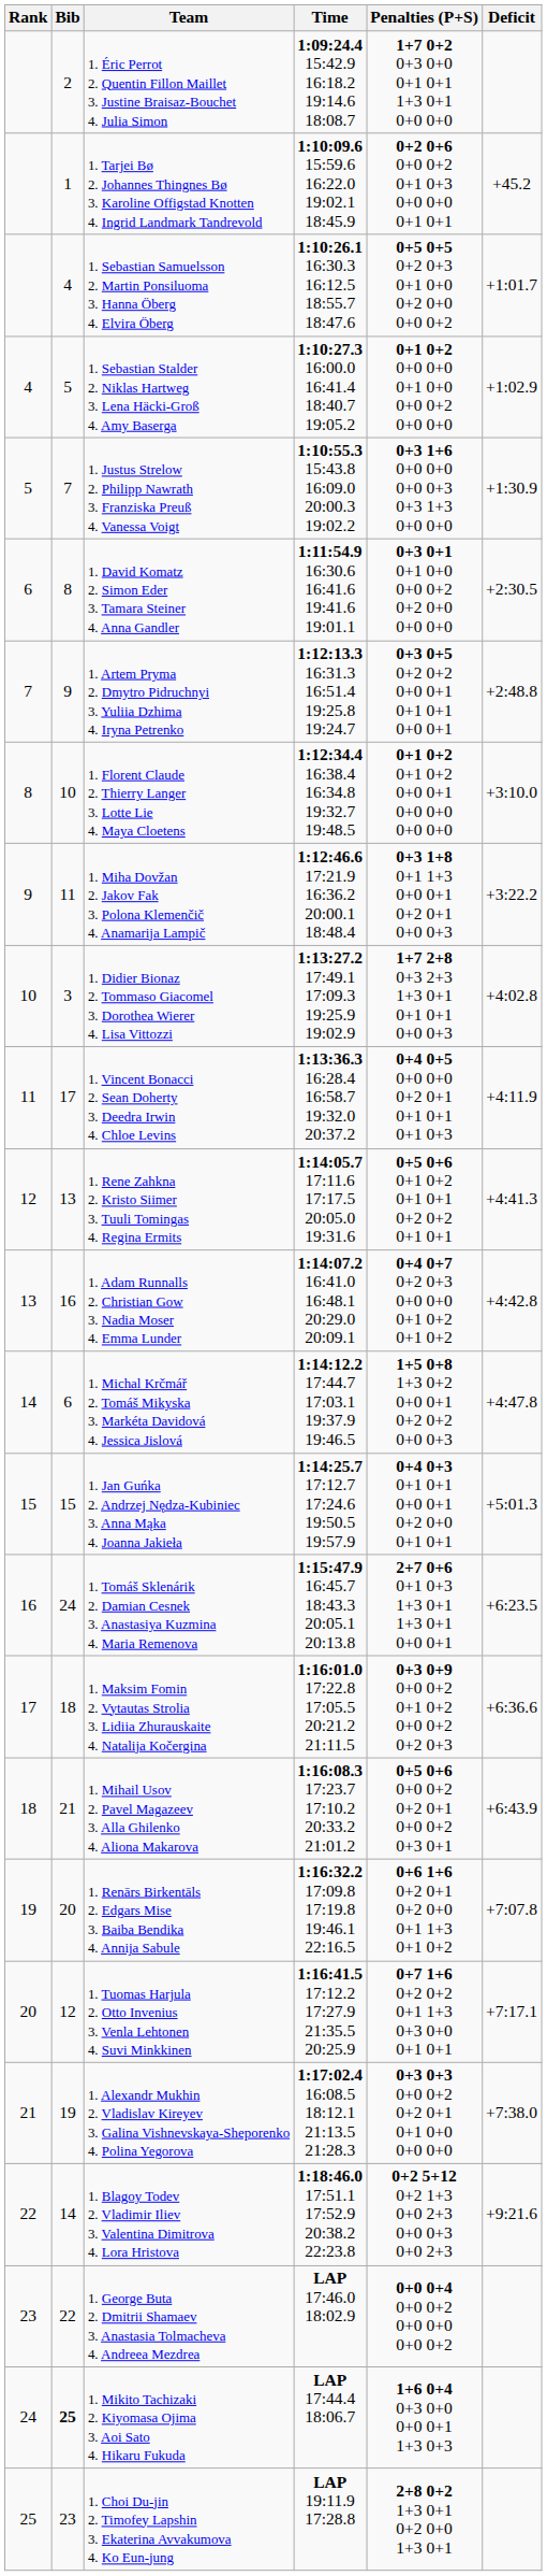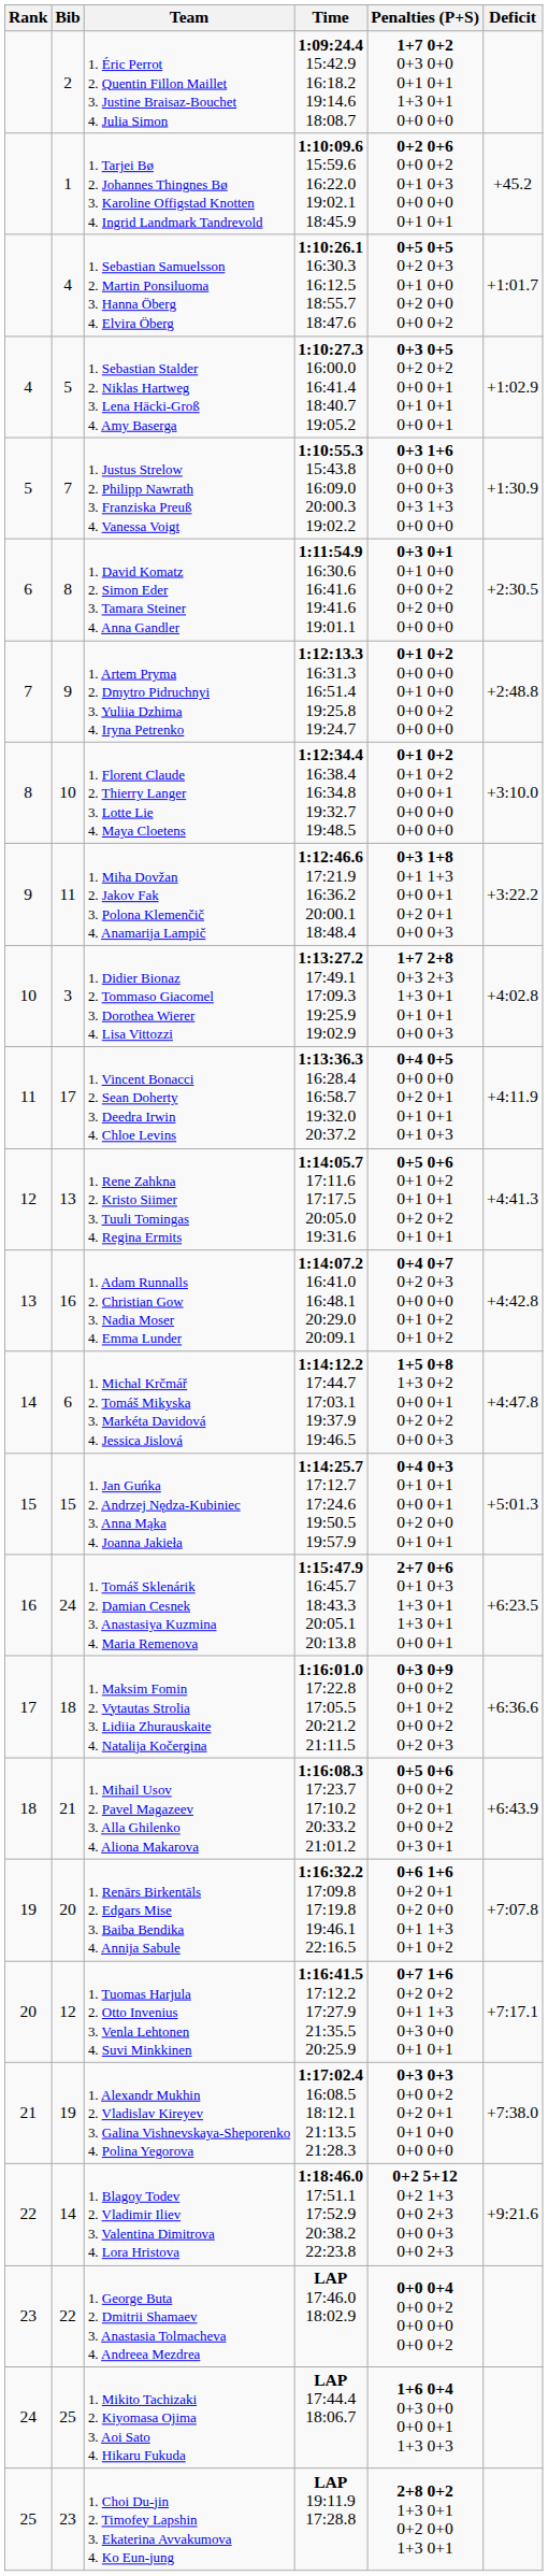 <table class="wikitable sortable" style="text-align:center">
 <tr>
 <th>Rank</th>
 <th>Bib</th>
 <th>Team</th>
 <th>Time</th>
 <th>Penalties (P+S)</th>
 <th>Deficit</th>
 </tr>
 <tr>
 <td></td>
 <td>2</td>
 <td align=left><br><small>1. <a href='#'>Éric Perrot</a><br>2. <a href='#'>Quentin Fillon Maillet</a><br>3. <a href='#'>Justine Braisaz-Bouchet</a><br>4. <a href='#'>Julia Simon</a></small></td>
 <td><strong>1:09:24.4</strong><br>15:42.9<br>16:18.2<br>19:14.6<br>18:08.7</td>
 <td><strong>1+7 0+2</strong><br>0+3 0+0<br>0+1 0+1<br>1+3 0+1<br>0+0 0+0</td>
 <td></td>
 </tr>
 <tr>
 <td></td>
 <td>1</td>
 <td align=left><br><small>1. <a href='#'>Tarjei Bø</a><br>2. <a href='#'>Johannes Thingnes Bø</a><br>3. <a href='#'>Karoline Offigstad Knotten</a><br>4. <a href='#'>Ingrid Landmark Tandrevold</a></small></td>
 <td><strong>1:10:09.6</strong><br>15:59.6<br>16:22.0<br>19:02.1<br>18:45.9</td>
 <td><strong>0+2 0+6</strong><br>0+0 0+2<br>0+1 0+3<br>0+0 0+0<br>0+1 0+1</td>
 <td>+45.2</td>
 </tr>
 <tr>
 <td></td>
 <td>4</td>
 <td align=left><br><small>1. <a href='#'>Sebastian Samuelsson</a><br>2. <a href='#'>Martin Ponsiluoma</a><br>3. <a href='#'>Hanna Öberg</a><br>4. <a href='#'>Elvira Öberg</a></small></td>
 <td><strong>1:10:26.1</strong><br>16:30.3<br>16:12.5<br>18:55.7<br>18:47.6</td>
 <td><strong>0+5 0+5</strong><br>0+2 0+3<br>0+1 0+0<br>0+2 0+0<br>0+0 0+2</td>
 <td>+1:01.7</td>
 </tr>
 <tr>
 <td>4</td>
 <td>5</td>
 <td align=left><br><small>1. <a href='#'>Sebastian Stalder</a><br>2. <a href='#'>Niklas Hartweg</a><br>3. <a href='#'>Lena Häcki-Groß</a><br>4. <a href='#'>Amy Baserga</a></small></td>
 <td><strong>1:10:27.3</strong><br>16:00.0<br>16:41.4<br>18:40.7<br>19:05.2</td>
-<td><strong>0+1 0+2</strong><br>0+0 0+0<br>0+1 0+0<br>0+0 0+2<br>0+0 0+0</td>
+<td><strong>0+3 0+5</strong><br>0+2 0+2<br>0+0 0+1<br>0+1 0+1<br>0+0 0+1</td>
 <td>+1:02.9</td>
 </tr>
 <tr>
 <td>5</td>
 <td>7</td>
 <td align=left><br><small>1. <a href='#'>Justus Strelow</a><br>2. <a href='#'>Philipp Nawrath</a><br>3. <a href='#'>Franziska Preuß</a><br>4. <a href='#'>Vanessa Voigt</a></small></td>
 <td><strong>1:10:55.3</strong><br>15:43.8<br>16:09.0<br>20:00.3<br>19:02.2</td>
 <td><strong>0+3 1+6</strong><br>0+0 0+0<br>0+0 0+3<br>0+3 1+3<br>0+0 0+0</td>
 <td>+1:30.9</td>
 </tr>
 <tr>
 <td>6</td>
 <td>8</td>
 <td align=left><br><small>1. <a href='#'>David Komatz</a><br>2. <a href='#'>Simon Eder</a><br>3. <a href='#'>Tamara Steiner</a><br>4. <a href='#'>Anna Gandler</a></small></td>
 <td><strong>1:11:54.9</strong><br>16:30.6<br>16:41.6<br>19:41.6<br>19:01.1</td>
 <td><strong>0+3 0+1</strong><br>0+1 0+0<br>0+0 0+2<br>0+2 0+0<br>0+0 0+0</td>
 <td>+2:30.5</td>
 </tr>
 <tr>
 <td>7</td>
 <td>9</td>
 <td align=left><br><small>1. <a href='#'>Artem Pryma</a><br>2. <a href='#'>Dmytro Pidruchnyi</a><br>3. <a href='#'>Yuliia Dzhima</a><br>4. <a href='#'>Iryna Petrenko</a></small></td>
 <td><strong>1:12:13.3</strong><br>16:31.3<br>16:51.4<br>19:25.8<br>19:24.7</td>
-<td><strong>0+3 0+5</strong><br>0+2 0+2<br>0+0 0+1<br>0+1 0+1<br>0+0 0+1</td>
+<td><strong>0+1 0+2</strong><br>0+0 0+0<br>0+1 0+0<br>0+0 0+2<br>0+0 0+0</td>
 <td>+2:48.8</td>
 </tr>
 <tr>
 <td>8</td>
 <td>10</td>
 <td align=left><br><small>1. <a href='#'>Florent Claude</a><br>2. <a href='#'>Thierry Langer</a><br>3. <a href='#'>Lotte Lie</a><br>4. <a href='#'>Maya Cloetens</a></small></td>
 <td><strong>1:12:34.4</strong><br>16:38.4<br>16:34.8<br>19:32.7<br>19:48.5</td>
 <td><strong>0+1 0+2</strong><br>0+1 0+2<br>0+0 0+1<br>0+0 0+0<br>0+0 0+0</td>
 <td>+3:10.0</td>
 </tr>
 <tr>
 <td>9</td>
 <td>11</td>
 <td align=left><br><small>1. <a href='#'>Miha Dovžan</a><br>2. <a href='#'>Jakov Fak</a><br>3. <a href='#'>Polona Klemenčič</a><br>4. <a href='#'>Anamarija Lampič</a></small></td>
 <td><strong>1:12:46.6</strong><br>17:21.9<br>16:36.2<br>20:00.1<br>18:48.4</td>
 <td><strong>0+3 1+8</strong><br>0+1 1+3<br>0+0 0+1<br>0+2 0+1<br>0+0 0+3</td>
 <td>+3:22.2</td>
 </tr>
 <tr>
 <td>10</td>
 <td>3</td>
 <td align=left><br><small>1. <a href='#'>Didier Bionaz</a><br>2. <a href='#'>Tommaso Giacomel</a><br>3. <a href='#'>Dorothea Wierer</a><br>4. <a href='#'>Lisa Vittozzi</a></small></td>
 <td><strong>1:13:27.2</strong><br>17:49.1<br>17:09.3<br>19:25.9<br>19:02.9</td>
 <td><strong>1+7 2+8</strong><br>0+3 2+3<br>1+3 0+1<br>0+1 0+1<br>0+0 0+3</td>
 <td>+4:02.8</td>
 </tr>
 <tr>
 <td>11</td>
 <td>17</td>
 <td align=left><br><small>1. <a href='#'>Vincent Bonacci</a><br>2. <a href='#'>Sean Doherty</a><br>3. <a href='#'>Deedra Irwin</a><br>4. <a href='#'>Chloe Levins</a></small></td>
 <td><strong>1:13:36.3</strong><br>16:28.4<br>16:58.7<br>19:32.0<br>20:37.2</td>
 <td><strong>0+4 0+5</strong><br>0+0 0+0<br>0+2 0+1<br>0+1 0+1<br>0+1 0+3</td>
 <td>+4:11.9</td>
 </tr>
 <tr>
 <td>12</td>
 <td>13</td>
 <td align=left><br><small>1. <a href='#'>Rene Zahkna</a><br>2. <a href='#'>Kristo Siimer</a><br>3. <a href='#'>Tuuli Tomingas</a><br>4. <a href='#'>Regina Ermits</a></small></td>
 <td><strong>1:14:05.7</strong><br>17:11.6<br>17:17.5<br>20:05.0<br>19:31.6</td>
 <td><strong>0+5 0+6</strong><br>0+1 0+2<br>0+1 0+1<br>0+2 0+2<br>0+1 0+1</td>
 <td>+4:41.3</td>
 </tr>
 <tr>
 <td>13</td>
 <td>16</td>
 <td align=left><br><small>1. <a href='#'>Adam Runnalls</a><br>2. <a href='#'>Christian Gow</a><br>3. <a href='#'>Nadia Moser</a><br>4. <a href='#'>Emma Lunder</a></small></td>
 <td><strong>1:14:07.2</strong><br>16:41.0<br>16:48.1<br>20:29.0<br>20:09.1</td>
 <td><strong>0+4 0+7</strong><br>0+2 0+3<br>0+0 0+0<br>0+1 0+2<br>0+1 0+2</td>
 <td>+4:42.8</td>
 </tr>
 <tr>
 <td>14</td>
 <td>6</td>
 <td align=left><br><small>1. <a href='#'>Michal Krčmář</a><br>2. <a href='#'>Tomáš Mikyska</a><br>3. <a href='#'>Markéta Davidová</a><br>4. <a href='#'>Jessica Jislová</a></small></td>
 <td><strong>1:14:12.2</strong><br>17:44.7<br>17:03.1<br>19:37.9<br>19:46.5</td>
 <td><strong>1+5 0+8</strong><br>1+3 0+2<br>0+0 0+1<br>0+2 0+2<br>0+0 0+3</td>
 <td>+4:47.8</td>
 </tr>
 <tr>
 <td>15</td>
 <td>15</td>
 <td align=left><br><small>1. <a href='#'>Jan Guńka</a><br>2. <a href='#'>Andrzej Nędza-Kubiniec</a><br>3. <a href='#'>Anna Mąka</a><br>4. <a href='#'>Joanna Jakieła</a></small></td>
 <td><strong>1:14:25.7</strong><br>17:12.7<br>17:24.6<br>19:50.5<br>19:57.9</td>
 <td><strong>0+4 0+3</strong><br>0+1 0+1<br>0+0 0+1<br>0+2 0+0<br>0+1 0+1</td>
 <td>+5:01.3</td>
 </tr>
 <tr>
 <td>16</td>
 <td>24</td>
 <td align=left><br><small>1. <a href='#'>Tomáš Sklenárik</a><br>2. <a href='#'>Damian Cesnek</a><br>3. <a href='#'>Anastasiya Kuzmina</a><br>4. <a href='#'>Maria Remenova</a></small></td>
 <td><strong>1:15:47.9</strong><br>16:45.7<br>18:43.3<br>20:05.1<br>20:13.8</td>
 <td><strong>2+7 0+6</strong><br>0+1 0+3<br>1+3 0+1<br>1+3 0+1<br>0+0 0+1</td>
 <td>+6:23.5</td>
 </tr>
 <tr>
 <td>17</td>
 <td>18</td>
 <td align=left><br><small>1. <a href='#'>Maksim Fomin</a><br>2. <a href='#'>Vytautas Strolia</a><br>3. <a href='#'>Lidiia Zhurauskaite</a><br>4. <a href='#'>Natalija Kočergina</a></small></td>
 <td><strong>1:16:01.0</strong><br>17:22.8<br>17:05.5<br>20:21.2<br>21:11.5</td>
 <td><strong>0+3 0+9</strong><br>0+0 0+2<br>0+1 0+2<br>0+0 0+2<br>0+2 0+3</td>
 <td>+6:36.6</td>
 </tr>
 <tr>
 <td>18</td>
 <td>21</td>
 <td align=left><br><small>1. <a href='#'>Mihail Usov</a><br>2. <a href='#'>Pavel Magazeev</a><br>3. <a href='#'>Alla Ghilenko</a><br>4. <a href='#'>Aliona Makarova</a></small></td>
 <td><strong>1:16:08.3</strong><br>17:23.7<br>17:10.2<br>20:33.2<br>21:01.2</td>
 <td><strong>0+5 0+6</strong><br>0+0 0+2<br>0+2 0+1<br>0+0 0+2<br>0+3 0+1</td>
 <td>+6:43.9</td>
 </tr>
 <tr>
 <td>19</td>
 <td>20</td>
 <td align=left><br><small>1. <a href='#'>Renārs Birkentāls</a><br>2. <a href='#'>Edgars Mise</a><br>3. <a href='#'>Baiba Bendika</a><br>4. <a href='#'>Annija Sabule</a></small></td>
 <td><strong>1:16:32.2</strong><br>17:09.8<br>17:19.8<br>19:46.1<br>22:16.5</td>
 <td><strong>0+6 1+6</strong><br>0+2 0+1<br>0+2 0+0<br>0+1 1+3<br>0+1 0+2</td>
 <td>+7:07.8</td>
 </tr>
 <tr>
 <td>20</td>
 <td>12</td>
 <td align=left><br><small>1. <a href='#'>Tuomas Harjula</a><br>2. <a href='#'>Otto Invenius</a><br>3. <a href='#'>Venla Lehtonen</a><br>4. <a href='#'>Suvi Minkkinen</a></small></td>
 <td><strong>1:16:41.5</strong><br>17:12.2<br>17:27.9<br>21:35.5<br>20:25.9</td>
 <td><strong>0+7 1+6</strong><br>0+2 0+2<br>0+1 1+3<br>0+3 0+0<br>0+1 0+1</td>
 <td>+7:17.1</td>
 </tr>
 <tr>
 <td>21</td>
 <td>19</td>
 <td align=left><br><small>1. <a href='#'>Alexandr Mukhin</a><br>2. <a href='#'>Vladislav Kireyev</a><br>3. <a href='#'>Galina Vishnevskaya-Sheporenko</a><br>4. <a href='#'>Polina Yegorova</a></small></td>
 <td><strong>1:17:02.4</strong><br>16:08.5<br>18:12.1<br>21:13.5<br>21:28.3</td>
 <td><strong>0+3 0+3</strong><br>0+0 0+2<br>0+2 0+1<br>0+1 0+0<br>0+0 0+0</td>
 <td>+7:38.0</td>
 </tr>
 <tr>
 <td>22</td>
 <td>14</td>
 <td align=left><br><small>1. <a href='#'>Blagoy Todev</a><br>2. <a href='#'>Vladimir Iliev</a><br>3. <a href='#'>Valentina Dimitrova</a><br>4. <a href='#'>Lora Hristova</a></small></td>
 <td><strong>1:18:46.0</strong><br>17:51.1<br>17:52.9<br>20:38.2<br>22:23.8</td>
 <td><strong>0+2 5+12</strong><br>0+2 1+3<br>0+0 2+3<br>0+0 0+3<br>0+0 2+3</td>
 <td>+9:21.6</td>
 </tr>
 <tr>
 <td>23</td>
 <td>22</td>
 <td align=left><br><small>1. <a href='#'>George Buta</a><br>2. <a href='#'>Dmitrii Shamaev</a><br>3. <a href='#'>Anastasia Tolmacheva</a><br>4. <a href='#'>Andreea Mezdrea</a></small></td>
 <td valign=top><strong>LAP</strong><br>17:46.0<br>18:02.9</td>
 <td><strong>0+0 0+4</strong><br>0+0 0+2<br>0+0 0+0<br>0+0 0+2<br></td>
 <td></td>
 </tr>
 <tr>
 <td>24</td>
-<td><strong>25</strong></td>
+<td>25</td>
 <td align=left><br><small>1. <a href='#'>Mikito Tachizaki</a><br>2. <a href='#'>Kiyomasa Ojima</a><br>3. <a href='#'>Aoi Sato</a><br>4. <a href='#'>Hikaru Fukuda</a></small></td>
 <td valign=top><strong>LAP</strong><br>17:44.4<br>18:06.7</td>
 <td><strong>1+6 0+4</strong><br>0+3 0+0<br>0+0 0+1<br>1+3 0+3<br></td>
 <td></td>
 </tr>
 <tr>
 <td>25</td>
 <td>23</td>
 <td align=left><br><small>1. <a href='#'>Choi Du-jin</a><br>2. <a href='#'>Timofey Lapshin</a><br>3. <a href='#'>Ekaterina Avvakumova</a><br>4. <a href='#'>Ko Eun-jung</a></small></td>
 <td valign=top><strong>LAP</strong><br>19:11.9<br>17:28.8</td>
 <td><strong>2+8 0+2</strong><br>1+3 0+1<br>0+2 0+0<br>1+3 0+1<br></td>
 <td></td>
 </tr>
 </table>
